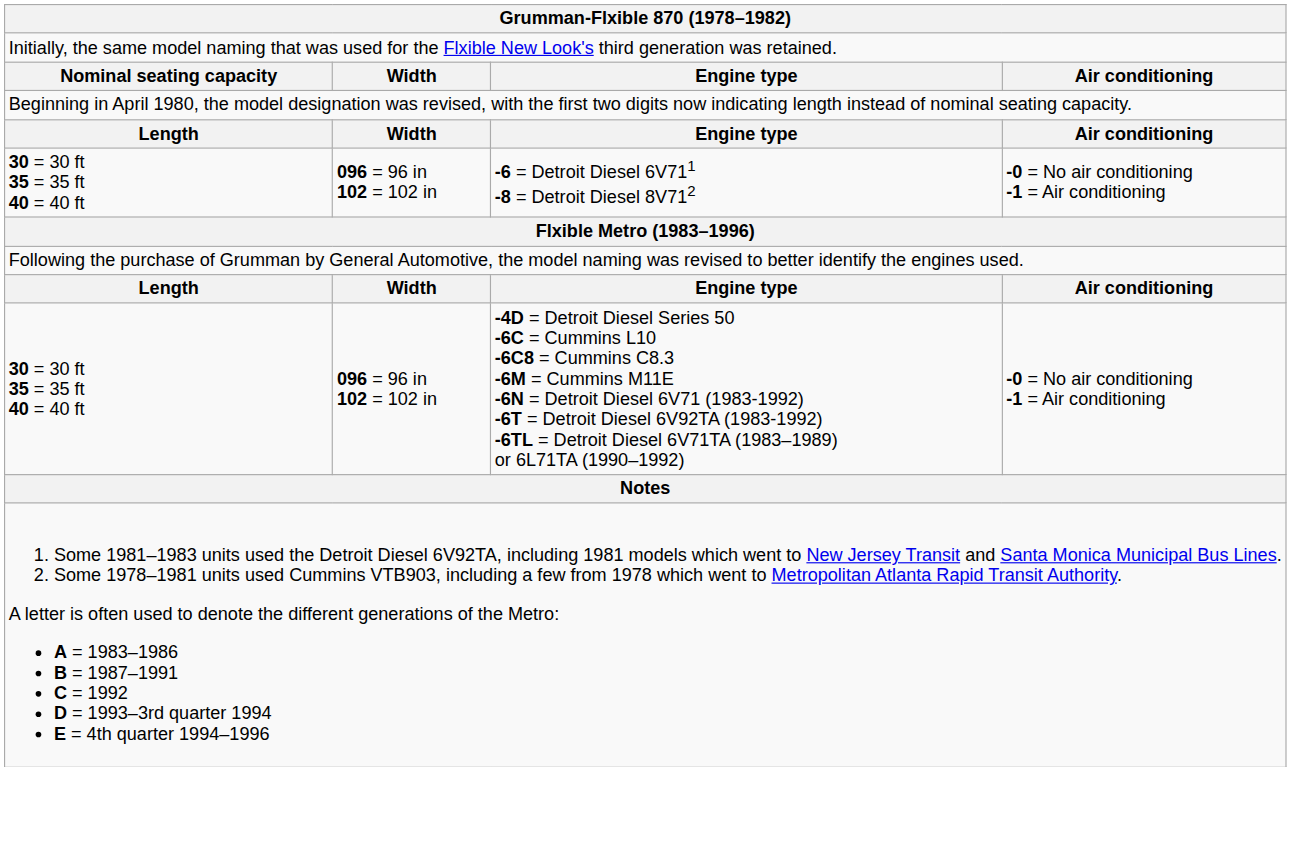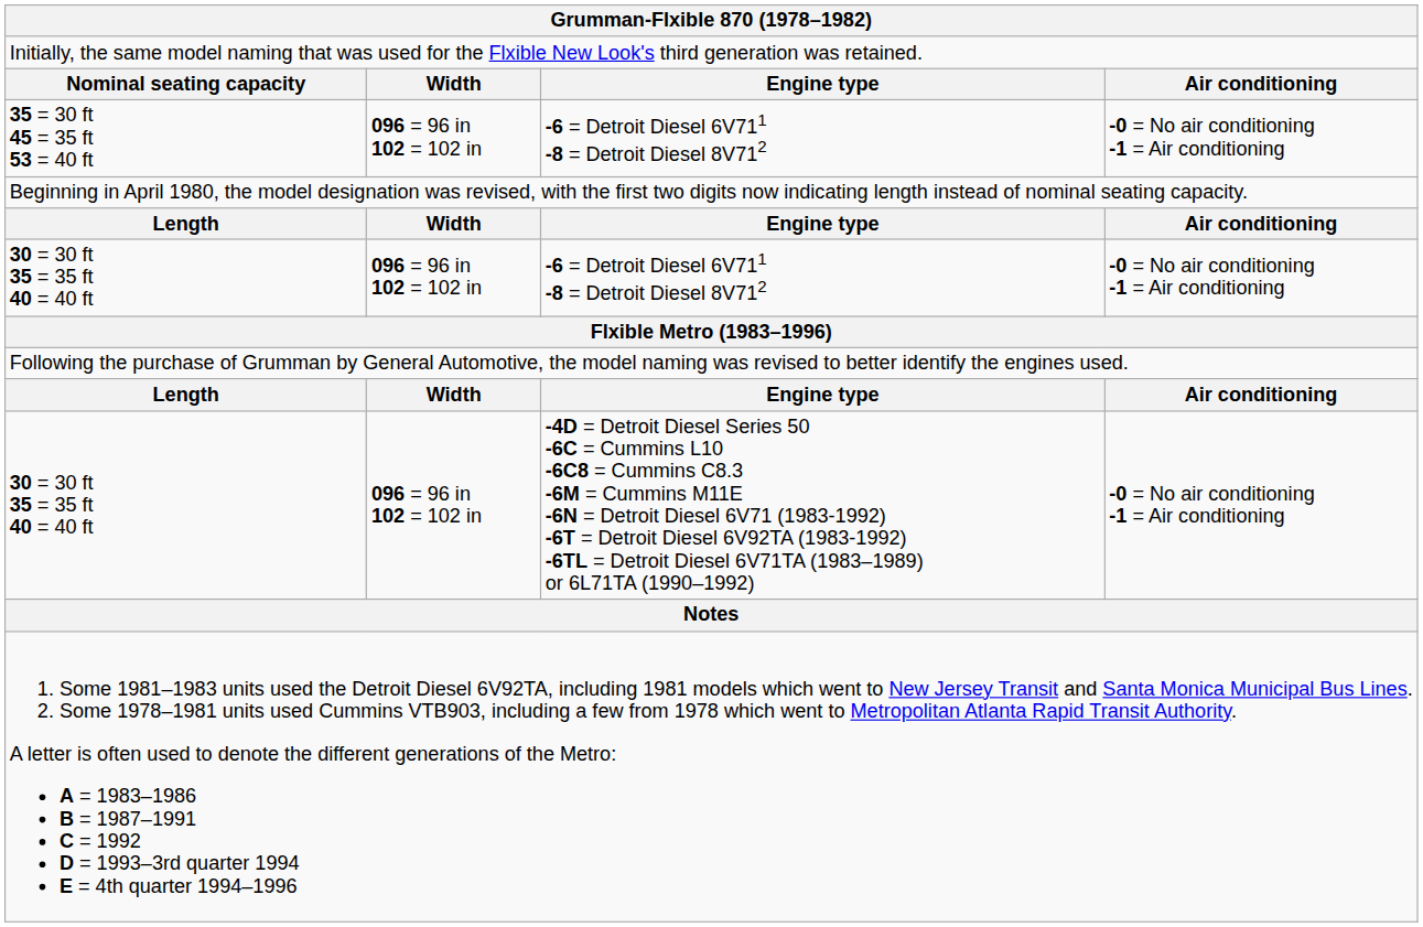 <table class="wikitable">
 <tr>
 <th colspan=4>Grumman-Flxible 870 (1978–1982)</th>
 </tr>
 <tr>
 <td colspan=4>Initially, the same model naming that was used for the <a href='#'>Flxible New Look's</a> third generation was retained.</td>
 </tr>
 <tr>
 <th>Nominal seating capacity</th>
 <th>Width</th>
 <th>Engine type</th>
 <th>Air conditioning</th>
+</tr>
+<tr>
+<td><strong>35</strong> = 30 ft<br><strong>45</strong> = 35 ft<br><strong>53</strong> = 40 ft</td>
+<td><strong>096</strong> = 96 in<br><strong>102</strong> = 102 in</td>
+<td><strong>-6</strong> = Detroit Diesel 6V71<sup>1</sup><br><strong>-8</strong> = Detroit Diesel 8V71<sup>2</sup></td>
+<td><strong>-0</strong> = No air conditioning<br><strong>-1</strong> = Air conditioning</td>
 </tr>
 <tr>
 <td colspan=4>Beginning in April 1980, the model designation was revised, with the first two digits now indicating length instead of nominal seating capacity.</td>
 </tr>
 <tr>
 <th>Length</th>
 <th>Width</th>
 <th>Engine type</th>
 <th>Air conditioning</th>
 </tr>
 <tr>
 <td><strong>30</strong> = 30 ft<br><strong>35</strong> = 35 ft<br><strong>40</strong> = 40 ft</td>
 <td><strong>096</strong> = 96 in<br><strong>102</strong> = 102 in</td>
 <td><strong>-6</strong> = Detroit Diesel 6V71<sup>1</sup><br><strong>-8</strong> = Detroit Diesel 8V71<sup>2</sup></td>
 <td><strong>-0</strong> = No air conditioning<br><strong>-1</strong> = Air conditioning</td>
 </tr>
 <tr>
 <th colspan=4>Flxible Metro (1983–1996)</th>
 </tr>
 <tr>
 <td colspan=4>Following the purchase of Grumman by General Automotive, the model naming was revised to better identify the engines used.</td>
 </tr>
 <tr>
 <th>Length</th>
 <th>Width</th>
 <th>Engine type</th>
 <th>Air conditioning</th>
 </tr>
 <tr>
 <td><strong>30</strong> = 30 ft<br><strong>35</strong> = 35 ft<br><strong>40</strong> = 40 ft</td>
 <td nowrap><strong>096</strong> = 96 in<br><strong>102</strong> = 102 in</td>
 <td><strong>-4D</strong> = Detroit Diesel Series 50<br><strong>-6C</strong> = Cummins L10<br><strong>-6C8</strong> = Cummins C8.3<br><strong>-6M</strong> = Cummins M11E<br><strong>-6N</strong> = Detroit Diesel 6V71 (1983-1992)<br><strong>-6T</strong> = Detroit Diesel 6V92TA (1983-1992)<br><strong>-6TL</strong> = Detroit Diesel 6V71TA (1983–1989)<br>or 6L71TA (1990–1992)</td>
 <td><strong>-0</strong> = No air conditioning<br><strong>-1</strong> = Air conditioning</td>
 </tr>
 <tr>
 <th colspan=4>Notes</th>
 </tr>
 <tr>
 <td colspan=4><br><ol><li>Some 1981–1983 units used the Detroit Diesel 6V92TA, including 1981 models which went to <a href='#'>New Jersey Transit</a> and <a href='#'>Santa Monica Municipal Bus Lines</a>.</li><li>Some 1978–1981 units used Cummins VTB903, including a few from 1978 which went to <a href='#'>Metropolitan Atlanta Rapid Transit Authority</a>.</li></ol>A letter is often used to denote the different generations of the Metro:<ul><li><strong>A</strong> = 1983–1986</li><li><strong>B</strong> = 1987–1991</li><li><strong>C</strong> = 1992</li><li><strong>D</strong> = 1993–3rd quarter 1994</li><li><strong>E</strong> = 4th quarter 1994–1996</li></ul></td>
 </tr>
 </table>
